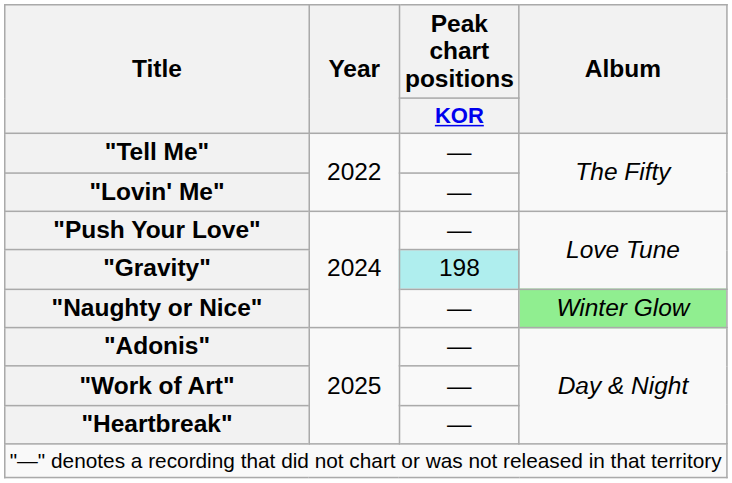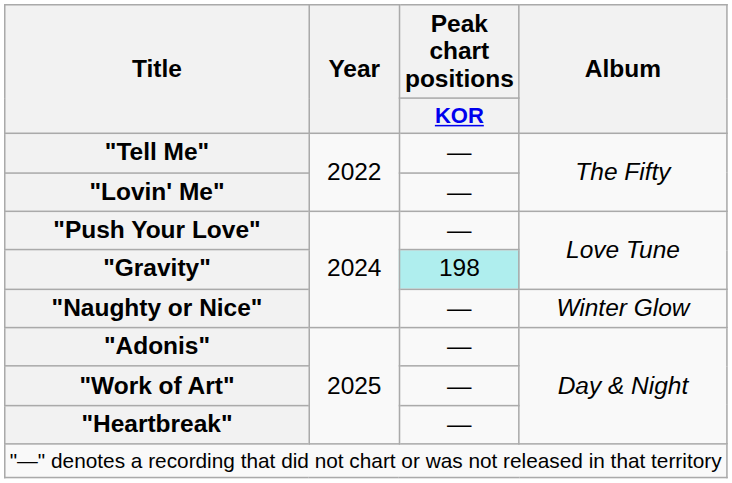 <table class="wikitable plainrowheaders" style="text-align:center">
 <tr>
 <th scope="col" rowspan="2">Title</th>
 <th scope="col" rowspan="2">Year</th>
 <th scope="col" colspan="1">Peak chart positions</th>
 <th scope="col" rowspan="2" style="width:8em">Album</th>
 </tr>
 <tr>
 <th scope="col" style="font-size:90%; width:2.5em"><a href='#'>KOR</a><br></th>
 </tr>
 <tr>
 <th scope="row">"Tell Me"</th>
 <td rowspan="2">2022</td>
 <td>—</td>
 <td rowspan="2"><em>The Fifty</em></td>
 </tr>
 <tr>
 <th scope="row">"Lovin' Me"</th>
 <td>—</td>
 </tr>
 <tr>
 <th scope="row">"Push Your Love"</th>
 <td rowspan="3">2024</td>
 <td>—</td>
 <td rowspan="2"><em>Love Tune</em></td>
 </tr>
 <tr>
 <th scope="row">"Gravity"</th>
 <td style="background: paleturquoise;">198</td>
 </tr>
 <tr>
 <th scope="row">"Naughty or Nice"</th>
 <td>—</td>
-<td style="background: lightgreen;"><em>Winter Glow</em></td>
+<td><em>Winter Glow</em></td>
 </tr>
 <tr>
 <th scope="row">"Adonis"</th>
 <td rowspan="3">2025</td>
 <td>—</td>
 <td rowspan="3"><em>Day & Night</em></td>
 </tr>
 <tr>
 <th scope="row">"Work of Art"</th>
 <td>—</td>
 </tr>
 <tr>
 <th scope="row">"Heartbreak"</th>
 <td>—</td>
 </tr>
 <tr>
 <td colspan="4" style="font-size:85%">"—" denotes a recording that did not chart or was not released in that territory</td>
 </tr>
 </table>
